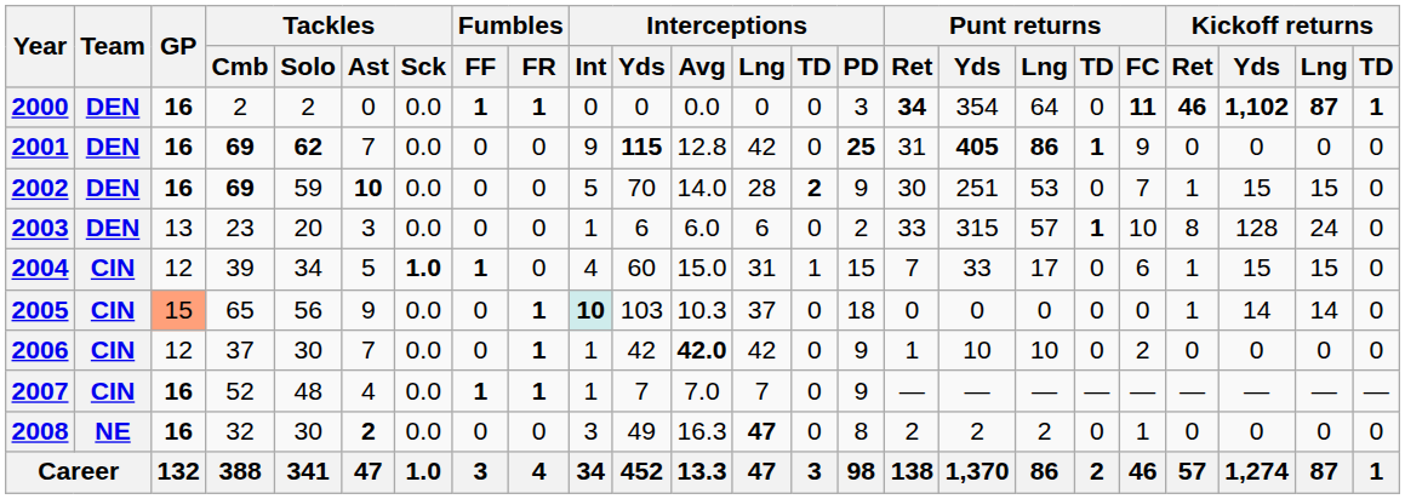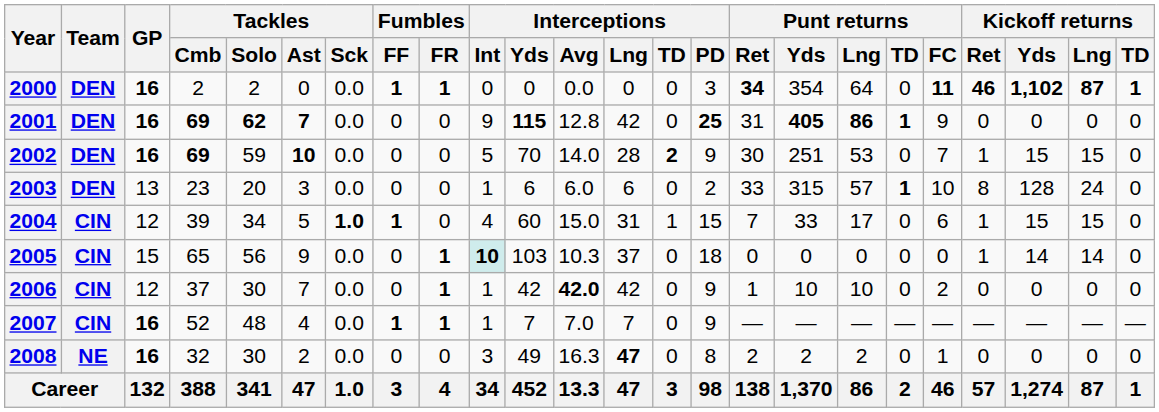 <table class="wikitable" style="text-align:center;">
 <tr>
 <th rowspan="2">Year</th>
 <th rowspan="2">Team</th>
 <th rowspan="2">GP</th>
 <th colspan="4">Tackles</th>
 <th colspan="2">Fumbles</th>
 <th colspan="6">Interceptions</th>
 <th colspan="5">Punt returns</th>
 <th colspan="4">Kickoff returns</th>
 </tr>
 <tr>
 <th>Cmb</th>
 <th>Solo</th>
 <th>Ast</th>
 <th>Sck</th>
 <th>FF</th>
 <th>FR</th>
 <th>Int</th>
 <th>Yds</th>
 <th>Avg</th>
 <th>Lng</th>
 <th>TD</th>
 <th>PD</th>
 <th>Ret</th>
 <th>Yds</th>
 <th>Lng</th>
 <th>TD</th>
 <th>FC</th>
 <th>Ret</th>
 <th>Yds</th>
 <th>Lng</th>
 <th>TD</th>
 </tr>
 <tr>
 <th><a href='#'>2000</a></th>
 <th><a href='#'>DEN</a></th>
 <td><strong>16</strong></td>
 <td>2</td>
 <td>2</td>
 <td>0</td>
 <td>0.0</td>
 <td><strong>1</strong></td>
 <td><strong>1</strong></td>
 <td>0</td>
 <td>0</td>
 <td>0.0</td>
 <td>0</td>
 <td>0</td>
 <td>3</td>
 <td><strong>34</strong></td>
 <td>354</td>
 <td>64</td>
 <td>0</td>
 <td><strong>11</strong></td>
 <td><strong>46</strong></td>
 <td><strong>1,102</strong></td>
 <td><strong>87</strong></td>
 <td><strong>1</strong></td>
 </tr>
 <tr>
 <th><a href='#'>2001</a></th>
 <th><a href='#'>DEN</a></th>
 <td><strong>16</strong></td>
 <td><strong>69</strong></td>
 <td><strong>62</strong></td>
-<td>7</td>
+<td><strong>7</strong></td>
 <td>0.0</td>
 <td>0</td>
 <td>0</td>
 <td>9</td>
 <td><strong>115</strong></td>
 <td>12.8</td>
 <td>42</td>
 <td>0</td>
 <td><strong>25</strong></td>
 <td>31</td>
 <td><strong>405</strong></td>
 <td><strong>86</strong></td>
 <td><strong>1</strong></td>
 <td>9</td>
 <td>0</td>
 <td>0</td>
 <td>0</td>
 <td>0</td>
 </tr>
 <tr>
 <th><a href='#'>2002</a></th>
 <th><a href='#'>DEN</a></th>
 <td><strong>16</strong></td>
 <td><strong>69</strong></td>
 <td>59</td>
 <td><strong>10</strong></td>
 <td>0.0</td>
 <td>0</td>
 <td>0</td>
 <td>5</td>
 <td>70</td>
 <td>14.0</td>
 <td>28</td>
 <td><strong>2</strong></td>
 <td>9</td>
 <td>30</td>
 <td>251</td>
 <td>53</td>
 <td>0</td>
 <td>7</td>
 <td>1</td>
 <td>15</td>
 <td>15</td>
 <td>0</td>
 </tr>
 <tr>
 <th><a href='#'>2003</a></th>
 <th><a href='#'>DEN</a></th>
 <td>13</td>
 <td>23</td>
 <td>20</td>
 <td>3</td>
 <td>0.0</td>
 <td>0</td>
 <td>0</td>
 <td>1</td>
 <td>6</td>
 <td>6.0</td>
 <td>6</td>
 <td>0</td>
 <td>2</td>
 <td>33</td>
 <td>315</td>
 <td>57</td>
 <td><strong>1</strong></td>
 <td>10</td>
 <td>8</td>
 <td>128</td>
 <td>24</td>
 <td>0</td>
 </tr>
 <tr>
 <th><a href='#'>2004</a></th>
 <th><a href='#'>CIN</a></th>
 <td>12</td>
 <td>39</td>
 <td>34</td>
 <td>5</td>
 <td><strong>1.0</strong></td>
 <td><strong>1</strong></td>
 <td>0</td>
 <td>4</td>
 <td>60</td>
 <td>15.0</td>
 <td>31</td>
 <td>1</td>
 <td>15</td>
 <td>7</td>
 <td>33</td>
 <td>17</td>
 <td>0</td>
 <td>6</td>
 <td>1</td>
 <td>15</td>
 <td>15</td>
 <td>0</td>
 </tr>
 <tr>
 <th><a href='#'>2005</a></th>
 <th><a href='#'>CIN</a></th>
-<td style="background: lightsalmon;">15</td>
+<td>15</td>
 <td>65</td>
 <td>56</td>
 <td>9</td>
 <td>0.0</td>
 <td>0</td>
 <td><strong>1</strong></td>
 <td style="background:#cfecec; width:2em;"><strong>10</strong></td>
 <td>103</td>
 <td>10.3</td>
 <td>37</td>
 <td>0</td>
 <td>18</td>
 <td>0</td>
 <td>0</td>
 <td>0</td>
 <td>0</td>
 <td>0</td>
 <td>1</td>
 <td>14</td>
 <td>14</td>
 <td>0</td>
 </tr>
 <tr>
 <th><a href='#'>2006</a></th>
 <th><a href='#'>CIN</a></th>
 <td>12</td>
 <td>37</td>
 <td>30</td>
 <td>7</td>
 <td>0.0</td>
 <td>0</td>
 <td><strong>1</strong></td>
 <td>1</td>
 <td>42</td>
 <td><strong>42.0</strong></td>
 <td>42</td>
 <td>0</td>
 <td>9</td>
 <td>1</td>
 <td>10</td>
 <td>10</td>
 <td>0</td>
 <td>2</td>
 <td>0</td>
 <td>0</td>
 <td>0</td>
 <td>0</td>
 </tr>
 <tr>
 <th><a href='#'>2007</a></th>
 <th><a href='#'>CIN</a></th>
 <td><strong>16</strong></td>
 <td>52</td>
 <td>48</td>
 <td>4</td>
 <td>0.0</td>
 <td><strong>1</strong></td>
 <td><strong>1</strong></td>
 <td>1</td>
 <td>7</td>
 <td>7.0</td>
 <td>7</td>
 <td>0</td>
 <td>9</td>
 <td>—</td>
 <td>—</td>
 <td>—</td>
 <td>—</td>
 <td>—</td>
 <td>—</td>
 <td>—</td>
 <td>—</td>
 <td>—</td>
 </tr>
 <tr>
 <th><a href='#'>2008</a></th>
 <th><a href='#'>NE</a></th>
 <td><strong>16</strong></td>
 <td>32</td>
 <td>30</td>
-<td><strong>2</strong></td>
+<td>2</td>
 <td>0.0</td>
 <td>0</td>
 <td>0</td>
 <td>3</td>
 <td>49</td>
 <td>16.3</td>
 <td><strong>47</strong></td>
 <td>0</td>
 <td>8</td>
 <td>2</td>
 <td>2</td>
 <td>2</td>
 <td>0</td>
 <td>1</td>
 <td>0</td>
 <td>0</td>
 <td>0</td>
 <td>0</td>
 </tr>
 <tr>
 <th colspan="2">Career</th>
 <th>132</th>
 <th>388</th>
 <th>341</th>
 <th>47</th>
 <th>1.0</th>
 <th>3</th>
 <th>4</th>
 <th>34</th>
 <th>452</th>
 <th>13.3</th>
 <th>47</th>
 <th>3</th>
 <th>98</th>
 <th>138</th>
 <th>1,370</th>
 <th>86</th>
 <th>2</th>
 <th>46</th>
 <th>57</th>
 <th>1,274</th>
 <th>87</th>
 <th>1</th>
 </tr>
 </table>
